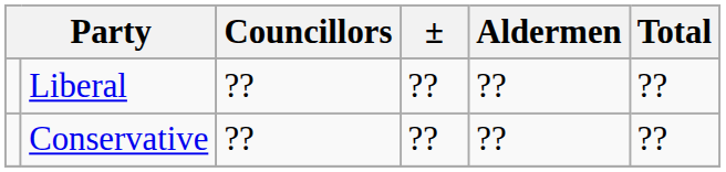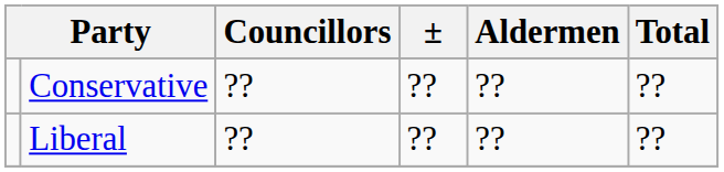 <table class="wikitable">
 <tr>
 <th colspan="2">Party</th>
 <th>Councillors</th>
 <th>  ±  </th>
 <th>Aldermen</th>
 <th>Total</th>
 </tr>
 <tr>
 <td style="background-color: "></td>
-<td><a href='#'>Liberal</a></td>
+<td><a href='#'>Conservative</a></td>
 <td>??</td>
 <td>??</td>
 <td>??</td>
 <td>??</td>
 </tr>
 <tr>
 <td style="background-color: "></td>
-<td><a href='#'>Conservative</a></td>
+<td><a href='#'>Liberal</a></td>
 <td>??</td>
 <td>??</td>
 <td>??</td>
 <td>??</td>
 </tr>
 <tr>
 </tr>
 </table>
